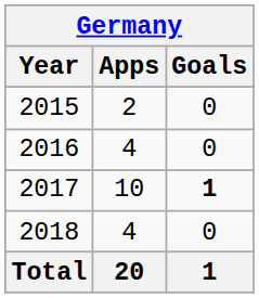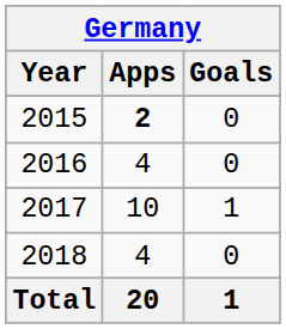 <table class="wikitable" style="text-align:center">
 <tr>
 <th colspan=3><a href='#'>Germany</a></th>
 </tr>
 <tr>
 <th>Year</th>
 <th>Apps</th>
 <th>Goals</th>
 </tr>
 <tr>
 <td>2015</td>
-<td>2</td>
+<td><strong>2</strong></td>
 <td>0</td>
 </tr>
 <tr>
 <td>2016</td>
 <td>4</td>
 <td>0</td>
 </tr>
 <tr>
 <td>2017</td>
 <td>10</td>
-<td><strong>1</strong></td>
+<td>1</td>
 </tr>
 <tr>
 <td>2018</td>
 <td>4</td>
 <td>0</td>
 </tr>
 <tr>
 <th>Total</th>
 <th>20</th>
 <th>1</th>
 </tr>
 </table>
